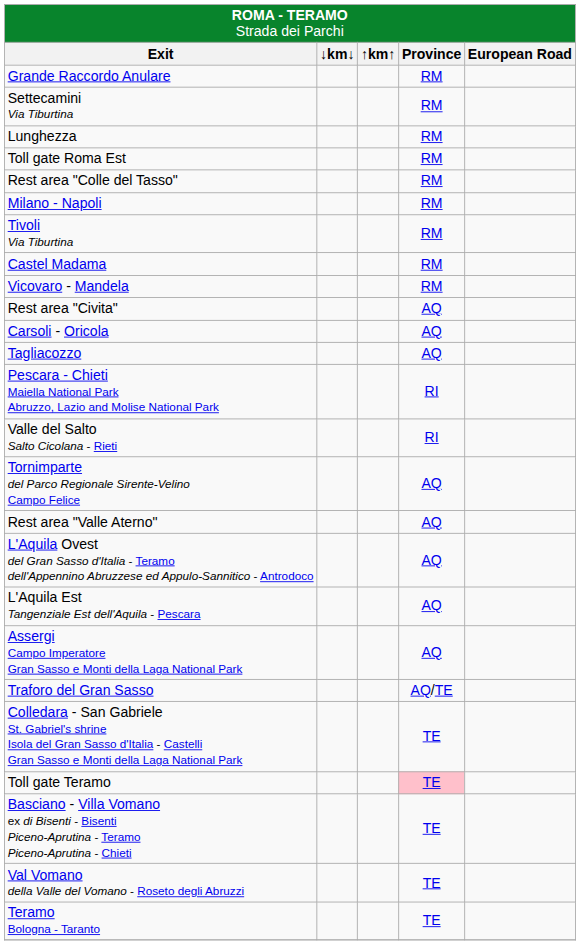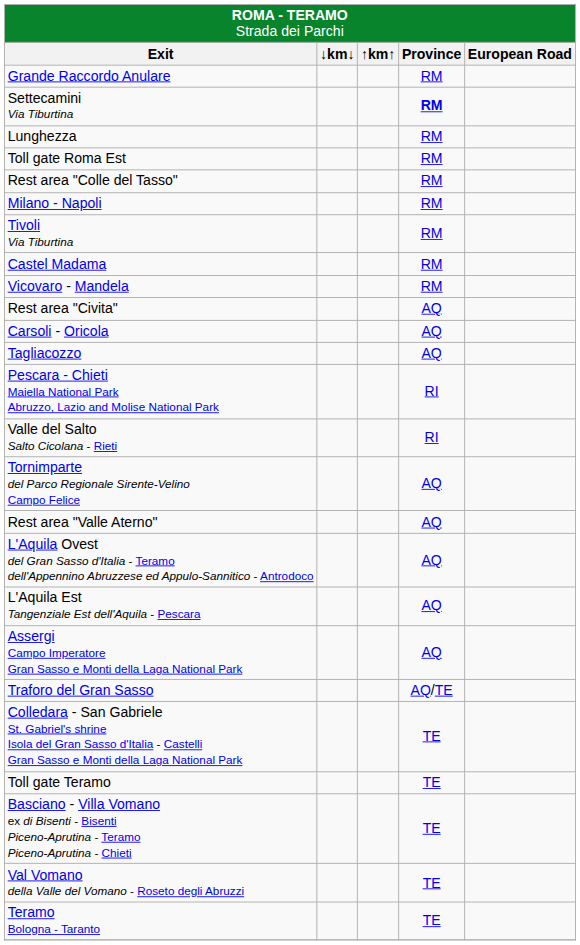 <table class="wikitable">
 <tr>
 </tr>
 <tr align="center" bgcolor="08842C" style="color: white;font-size:100%;">
 <td colspan="6"><strong> ROMA - TERAMO</strong><br>Strada dei Parchi</td>
 </tr>
 <tr>
 <th align="center"><strong>Exit</strong></th>
 <th align="center"><strong>↓km↓</strong></th>
 <th align="center"><strong>↑km↑</strong></th>
 <th align="center"><strong>Province</strong></th>
 <th align="center"><strong>European Road</strong></th>
 </tr>
 <tr>
 <td>  <a href='#'>Grande Raccordo Anulare</a></td>
 <td align="right"></td>
 <td align="right"></td>
 <td align="center"><a href='#'>RM</a></td>
 <td align="center"></td>
 </tr>
 <tr>
 <td> Settecamini<br><small> <em>Via Tiburtina</em></small></td>
 <td align="right"></td>
 <td align="right"></td>
-<td align="center"><a href='#'>RM</a></td>
+<td align="center"><strong><a href='#'>RM</a></strong></td>
 <td align="center"></td>
 </tr>
 <tr>
 <td> Lunghezza</td>
 <td align="right"></td>
 <td align="right"></td>
 <td align="center"><a href='#'>RM</a></td>
 <td align="center"></td>
 </tr>
 <tr>
 <td> Toll gate Roma Est</td>
 <td align="right"></td>
 <td align="right"></td>
 <td align="center"><a href='#'>RM</a></td>
 <td align="center"></td>
 </tr>
 <tr>
 <td> Rest area "Colle del Tasso"</td>
 <td align="right"></td>
 <td align="right"></td>
 <td align="center"><a href='#'>RM</a></td>
 <td align="center"></td>
 </tr>
 <tr>
 <td>    <a href='#'>Milano - Napoli</a></td>
 <td align="right"></td>
 <td align="right"></td>
 <td align="center"><a href='#'>RM</a></td>
 <td align="center"></td>
 </tr>
 <tr>
 <td> <a href='#'>Tivoli</a><br><small> <em>Via Tiburtina</em></small></td>
 <td align="right"></td>
 <td align="right"></td>
 <td align="center"><a href='#'>RM</a></td>
 <td align="center"></td>
 </tr>
 <tr>
 <td> <a href='#'>Castel Madama</a></td>
 <td align="right"></td>
 <td align="right"></td>
 <td align="center"><a href='#'>RM</a></td>
 <td align="center"></td>
 </tr>
 <tr>
 <td> <a href='#'>Vicovaro</a> - <a href='#'>Mandela</a></td>
 <td align="right"></td>
 <td align="right"></td>
 <td align="center"><a href='#'>RM</a></td>
 <td align="center"></td>
 </tr>
 <tr>
 <td> Rest area "Civita"</td>
 <td align="right"></td>
 <td align="right"></td>
 <td align="center"><a href='#'>AQ</a></td>
 <td align="center"></td>
 </tr>
 <tr>
 <td> <a href='#'>Carsoli</a> - <a href='#'>Oricola</a></td>
 <td align="right"></td>
 <td align="right"></td>
 <td align="center"><a href='#'>AQ</a></td>
 <td align="center"></td>
 </tr>
 <tr>
 <td> <a href='#'>Tagliacozzo</a></td>
 <td align="right"></td>
 <td align="right"></td>
 <td align="center"><a href='#'>AQ</a></td>
 <td align="center"></td>
 </tr>
 <tr>
 <td>   <a href='#'>Pescara - Chieti</a><br><small> <a href='#'>Maiella National Park</a></small><br><small> <a href='#'>Abruzzo, Lazio and Molise National Park</a></small></td>
 <td align="right"></td>
 <td align="right"></td>
 <td align="center"><a href='#'>RI</a></td>
 <td align="center"></td>
 </tr>
 <tr>
 <td> Valle del Salto <br><small> <em>Salto Cicolana</em> - <a href='#'>Rieti</a></small></td>
 <td align="right"></td>
 <td align="right"></td>
 <td align="center"><a href='#'>RI</a></td>
 <td align="center"></td>
 </tr>
 <tr>
 <td> <a href='#'>Tornimparte</a><br><small> <em>del Parco Regionale Sirente-Velino</em><br> <a href='#'>Campo Felice</a></small></td>
 <td align="right"></td>
 <td align="right"></td>
 <td align="center"><a href='#'>AQ</a></td>
 <td align="center"></td>
 </tr>
 <tr>
 <td> Rest area "Valle Aterno"</td>
 <td align="right"></td>
 <td align="right"></td>
 <td align="center"><a href='#'>AQ</a></td>
 <td align="center"></td>
 </tr>
 <tr>
 <td> <a href='#'>L'Aquila</a> Ovest<br><small> <em>del Gran Sasso d'Italia</em> - <a href='#'>Teramo</a><br> <em>dell'Appennino Abruzzese ed Appulo-Sannitico</em> - <a href='#'>Antrodoco</a> </small></td>
 <td align="right"></td>
 <td align="right"></td>
 <td align="center"><a href='#'>AQ</a></td>
 <td align="center"></td>
 </tr>
 <tr>
 <td> L'Aquila Est<br><small>  <em>Tangenziale Est dell'Aquila</em> - <a href='#'>Pescara</a></small></td>
 <td align="right"></td>
 <td align="right"></td>
 <td align="center"><a href='#'>AQ</a></td>
 <td align="center"></td>
 </tr>
 <tr>
 <td> <a href='#'>Assergi</a><br><small> <a href='#'>Campo Imperatore</a></small><br><small> <a href='#'>Gran Sasso e Monti della Laga National Park</a></small></td>
 <td align="right"></td>
 <td align="right"></td>
 <td align="center"><a href='#'>AQ</a></td>
 <td align="center"></td>
 </tr>
 <tr>
 <td> <a href='#'>Traforo del Gran Sasso</a></td>
 <td align="right"></td>
 <td align="right"></td>
 <td align="center"><a href='#'>AQ</a>/<a href='#'>TE</a></td>
 <td align="center"></td>
 </tr>
 <tr>
 <td> <a href='#'>Colledara</a> - San Gabriele<br><small>  <a href='#'>St. Gabriel's shrine</a> </small><br><small> <a href='#'>Isola del Gran Sasso d'Italia</a> - <a href='#'>Castelli</a></small><br><small> <a href='#'>Gran Sasso e Monti della Laga National Park</a></small></td>
 <td align="right"></td>
 <td align="right"></td>
 <td align="center"><a href='#'>TE</a></td>
 <td align="center"></td>
 </tr>
 <tr>
 <td> Toll gate Teramo</td>
 <td align="right"></td>
 <td align="right"></td>
-<td align="center" style="background: pink;"><a href='#'>TE</a></td>
+<td align="center"><a href='#'>TE</a></td>
 <td align="center"></td>
 </tr>
 <tr>
 <td> <a href='#'>Basciano</a> - <a href='#'>Villa Vomano</a><br><small>ex  <em>di Bisenti</em> - <a href='#'>Bisenti</a></small><br><small> <em>Piceno-Aprutina</em> - <a href='#'>Teramo</a></small><br><small> <em>Piceno-Aprutina</em> - <a href='#'>Chieti</a></small></td>
 <td align="right"></td>
 <td align="right"></td>
 <td align="center"><a href='#'>TE</a></td>
 <td align="center"></td>
 </tr>
 <tr>
 <td> <a href='#'>Val Vomano</a><br><small>  <em>della Valle del Vomano</em> - <a href='#'>Roseto degli Abruzzi</a></small></td>
 <td align="right"></td>
 <td align="right"></td>
 <td align="center"><a href='#'>TE</a></td>
 <td align="center"></td>
 </tr>
 <tr>
 <td> <a href='#'>Teramo</a><br> <small>  <a href='#'>Bologna - Taranto</a></small></td>
 <td align="right"></td>
 <td align="right"></td>
 <td align="center"><a href='#'>TE</a></td>
 <td align="center"></td>
 </tr>
 <tr>
 </tr>
 </table>
